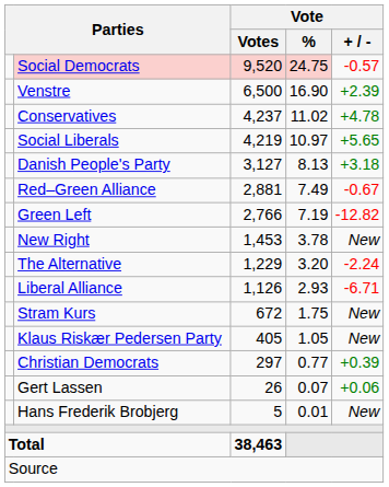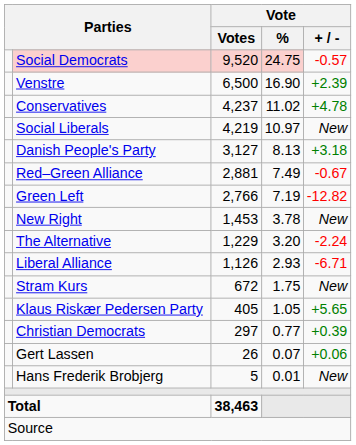 <table class="wikitable" style="text-align:right;">
 <tr>
 <th style="text-align:centre;" rowspan="2" colspan="2" width="225">Parties</th>
 <th colspan="3">Vote</th>
 </tr>
 <tr>
 <th width="15">Votes</th>
 <th width="15">%</th>
 <th width="15">+ / -</th>
 </tr>
 <tr>
 <td width="2" style="color:inherit;background:"></td>
 <td bgcolor=#fbd0ce  align="left"><a href='#'>Social Democrats</a></td>
 <td bgcolor=#fbd0ce>9,520</td>
 <td bgcolor=#fbd0ce>24.75</td>
 <td style=color:red;>-0.57</td>
 </tr>
 <tr>
 <td width="2" style="color:inherit;background:"></td>
 <td align="left"><a href='#'>Venstre</a></td>
 <td>6,500</td>
 <td>16.90</td>
 <td style=color:green;>+2.39</td>
 </tr>
 <tr>
 <td width="2" style="color:inherit;background:"></td>
 <td align="left"><a href='#'>Conservatives</a></td>
 <td>4,237</td>
 <td>11.02</td>
 <td style=color:green;>+4.78</td>
 </tr>
 <tr>
 <td width="2" style="color:inherit;background:"></td>
 <td align="left"><a href='#'>Social Liberals</a></td>
 <td>4,219</td>
 <td>10.97</td>
-<td style=color:green;>+5.65</td>
+<td><em>New</em></td>
 </tr>
 <tr>
 <td width="2" style="color:inherit;background:"></td>
 <td align="left"><a href='#'>Danish People's Party</a></td>
 <td>3,127</td>
 <td>8.13</td>
 <td style=color:green;>+3.18</td>
 </tr>
 <tr>
 <td width="2" style="color:inherit;background:"></td>
 <td align="left"><a href='#'>Red–Green Alliance</a></td>
 <td>2,881</td>
 <td>7.49</td>
 <td style=color:red;>-0.67</td>
 </tr>
 <tr>
 <td width="2" style="color:inherit;background:"></td>
 <td align="left"><a href='#'>Green Left</a></td>
 <td>2,766</td>
 <td>7.19</td>
 <td style=color:red;>-12.82</td>
 </tr>
 <tr>
 <td width="2" style="color:inherit;background:"></td>
 <td align="left"><a href='#'>New Right</a></td>
 <td>1,453</td>
 <td>3.78</td>
 <td><em>New</em></td>
 </tr>
 <tr>
 <td width="2" style="color:inherit;background:"></td>
 <td align="left"><a href='#'>The Alternative</a></td>
 <td>1,229</td>
 <td>3.20</td>
 <td style=color:red;>-2.24</td>
 </tr>
 <tr>
 <td width="2" style="color:inherit;background:"></td>
 <td align="left"><a href='#'>Liberal Alliance</a></td>
 <td>1,126</td>
 <td>2.93</td>
 <td style=color:red;>-6.71</td>
 </tr>
 <tr>
 <td width="2" style="color:inherit;background:"></td>
 <td align="left"><a href='#'>Stram Kurs</a></td>
 <td>672</td>
 <td>1.75</td>
 <td><em>New</em></td>
 </tr>
 <tr>
 <td width="2" style="color:inherit;background:"></td>
 <td align="left"><a href='#'>Klaus Riskær Pedersen Party</a></td>
 <td>405</td>
 <td>1.05</td>
-<td><em>New</em></td>
+<td style=color:green;>+5.65</td>
 </tr>
 <tr>
 <td width="2" style="color:inherit;background:"></td>
 <td align="left"><a href='#'>Christian Democrats</a></td>
 <td>297</td>
 <td>0.77</td>
 <td style=color:green;>+0.39</td>
 </tr>
 <tr>
 <td width="2" style="color:inherit;background:"></td>
 <td align="left">Gert Lassen</td>
 <td>26</td>
 <td>0.07</td>
 <td style=color:green;>+0.06</td>
 </tr>
 <tr>
 <td width="2" style="color:inherit;background:"></td>
 <td align="left">Hans Frederik Brobjerg</td>
 <td>5</td>
 <td>0.01</td>
 <td><em>New</em></td>
 </tr>
 <tr>
 <td colspan="7" bgcolor="#E9E9E9"></td>
 </tr>
 <tr>
 <td align="left" colspan="2"><strong>Total</strong></td>
 <td><strong>38,463</strong></td>
 <td bgcolor="#E9E9E9" colspan="2"></td>
 </tr>
 <tr>
 <td align="left" colspan="6">Source</td>
 </tr>
 </table>
